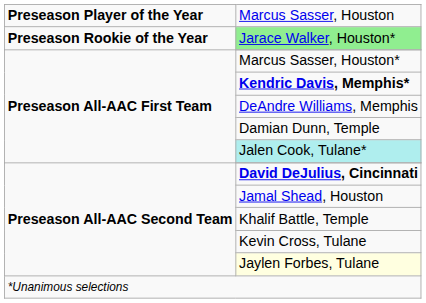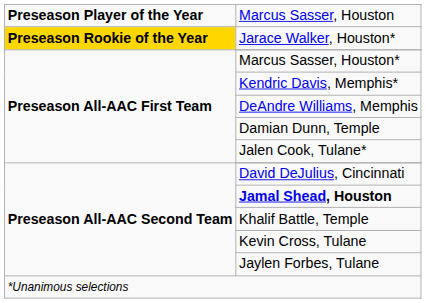 <table class="wikitable">
 <tr>
 <td><strong>Preseason Player of the Year</strong></td>
 <td><a href='#'>Marcus Sasser</a>, Houston</td>
 </tr>
 <tr>
-<td><strong>Preseason Rookie of the Year</strong></td>
-<td style="background: lightgreen;"><a href='#'>Jarace Walker</a>, Houston*</td>
+<td style="background: gold;"><strong>Preseason Rookie of the Year</strong></td>
+<td><a href='#'>Jarace Walker</a>, Houston*</td>
 </tr>
 <tr>
 <td rowspan=6 valign=middle><strong>Preseason All-AAC First Team</strong></td>
 </tr>
 <tr>
 <td>Marcus Sasser, Houston*</td>
 </tr>
 <tr>
-<td><strong><a href='#'>Kendric Davis</a>, Memphis*</strong></td>
+<td><a href='#'>Kendric Davis</a>, Memphis*</td>
 </tr>
 <tr>
 <td><a href='#'>DeAndre Williams</a>, Memphis</td>
 </tr>
 <tr>
 <td>Damian Dunn, Temple</td>
 </tr>
 <tr>
-<td style="background: paleturquoise;">Jalen Cook, Tulane*</td>
+<td>Jalen Cook, Tulane*</td>
 </tr>
 <tr>
 <td rowspan="6" valign="middle"><strong>Preseason All-AAC Second Team</strong></td>
 </tr>
 <tr>
-<td><strong><a href='#'>David DeJulius</a>, Cincinnati</strong></td>
+<td><a href='#'>David DeJulius</a>, Cincinnati</td>
 </tr>
 <tr>
-<td><a href='#'>Jamal Shead</a>, Houston</td>
+<td><strong><a href='#'>Jamal Shead</a>, Houston</strong></td>
 </tr>
 <tr>
 <td>Khalif Battle, Temple</td>
 </tr>
 <tr>
 <td>Kevin Cross, Tulane</td>
 </tr>
 <tr>
-<td style="background: lightyellow;">Jaylen Forbes, Tulane</td>
+<td>Jaylen Forbes, Tulane</td>
 </tr>
 <tr>
 <td colspan="3" valign="center"><small><em>*Unanimous selections</em></small></td>
 </tr>
 </table>
